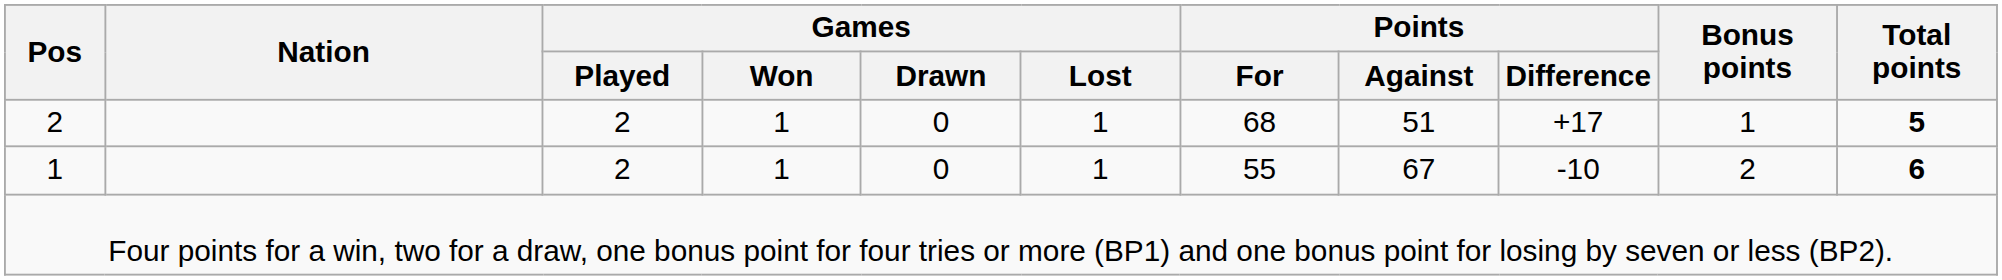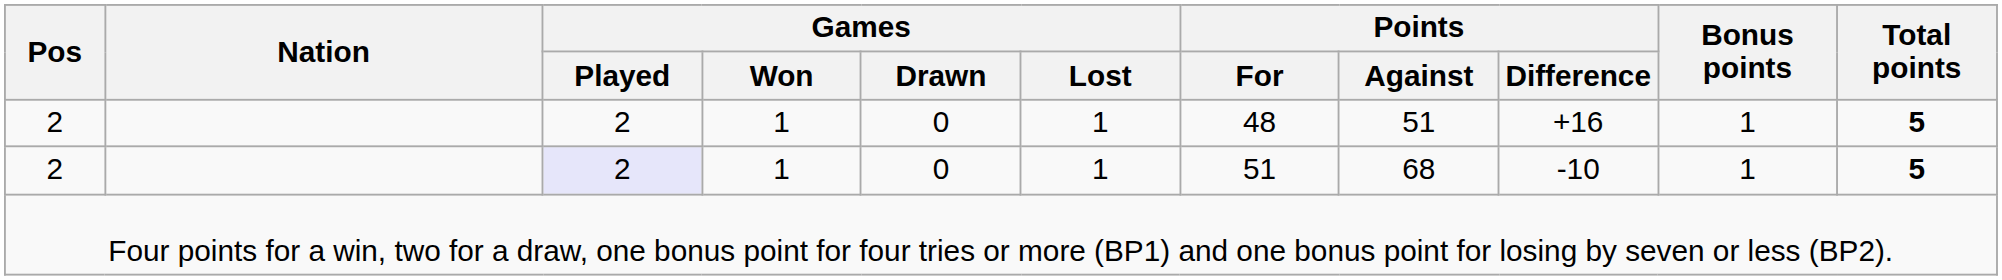 <table class="wikitable" style="text-align:center">
 <tr>
 <th rowspan="2" style="width:5%;">Pos</th>
 <th rowspan="2" style="width:22%;">Nation</th>
 <th colspan="4" style="width:32%;">Games</th>
 <th colspan="3" style="width:32%;">Points</th>
 <th rowspan="2" style="width:9%;">Bonus<br>points</th>
 <th rowspan="2" style="width:9%;">Total<br>points</th>
 </tr>
 <tr>
 <th style="width:8%;">Played</th>
 <th style="width:8%;">Won</th>
 <th style="width:8%;">Drawn</th>
 <th style="width:8%;">Lost</th>
 <th style="width:8%;">For</th>
 <th style="width:8%;">Against</th>
 <th style="width:8%;">Difference</th>
 </tr>
 <tr>
 <td>2</td>
 <td align="left"></td>
 <td>2</td>
 <td>1</td>
 <td>0</td>
 <td>1</td>
-<td>68</td>
+<td>48</td>
 <td>51</td>
-<td>+17</td>
+<td>+16</td>
 <td>1</td>
 <td><strong>5</strong></td>
 </tr>
 <tr>
-<td>1</td>
+<td>2</td>
 <td align="left"></td>
-<td>2</td>
+<td style="background: lavender;">2</td>
 <td>1</td>
 <td>0</td>
 <td>1</td>
-<td>55</td>
-<td>67</td>
+<td>51</td>
+<td>68</td>
 <td>-10</td>
-<td>2</td>
-<td><strong>6</strong></td>
+<td>1</td>
+<td><strong>5</strong></td>
 </tr>
 <tr>
 <td colspan="100%" style="text-align:center;"><br>Four points for a win, two for a draw, one bonus point for four tries or more (BP1) and one bonus point for losing by seven or less (BP2).</td>
 </tr>
 </table>
